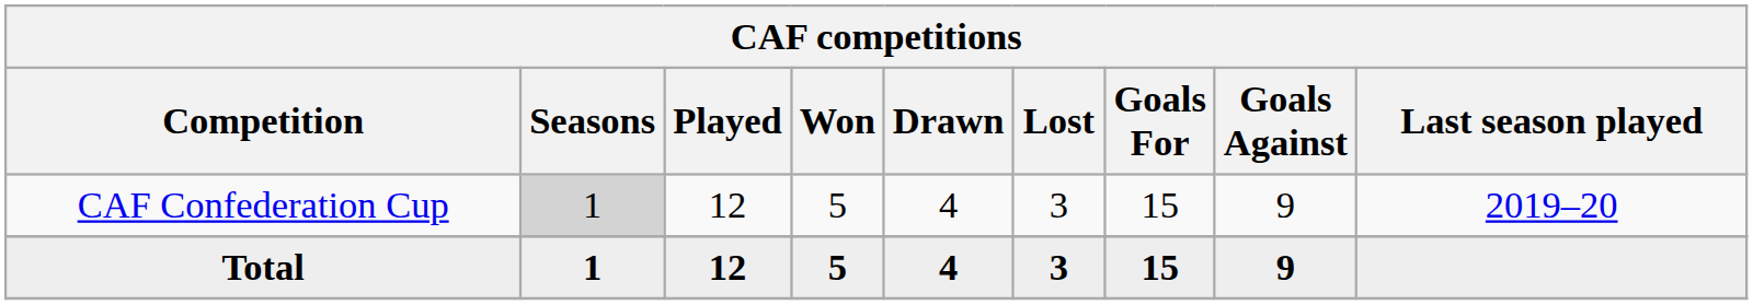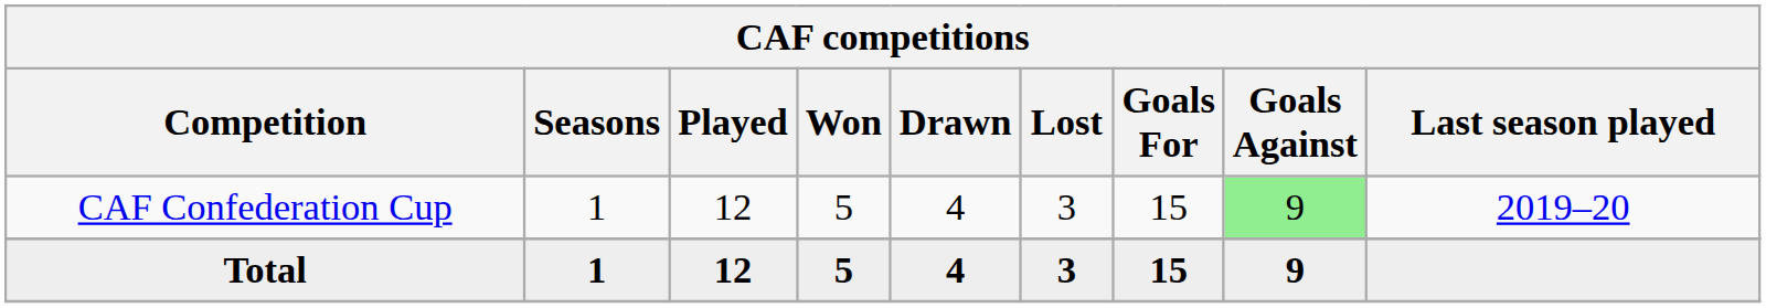 <table class="wikitable" style="font-size:95%; text-align: center;">
 <tr>
 <th colspan="9">CAF competitions</th>
 </tr>
 <tr>
 <th width="200">Competition</th>
 <th width="30">Seasons</th>
 <th width="30">Played</th>
 <th width="30">Won</th>
 <th width="30">Drawn</th>
 <th width="30">Lost</th>
 <th width="30">Goals For</th>
 <th width="30">Goals Against</th>
 <th width="150">Last season played</th>
 </tr>
 <tr>
 <td><a href='#'>CAF Confederation Cup</a></td>
-<td style="background: lightgrey;">1</td>
+<td>1</td>
 <td>12</td>
 <td>5</td>
 <td>4</td>
 <td>3</td>
 <td>15</td>
-<td>9</td>
+<td style="background: lightgreen;">9</td>
 <td><a href='#'>2019–20</a></td>
 </tr>
 <tr>
 </tr>
 <tr bgcolor=#EEEEEE>
 <td><strong>Total</strong></td>
 <td><strong>1</strong></td>
 <td><strong>12</strong></td>
 <td><strong>5</strong></td>
 <td><strong>4</strong></td>
 <td><strong>3</strong></td>
 <td><strong>15</strong></td>
 <td><strong>9</strong></td>
 <td></td>
 </tr>
 <tr>
 </tr>
 </table>
